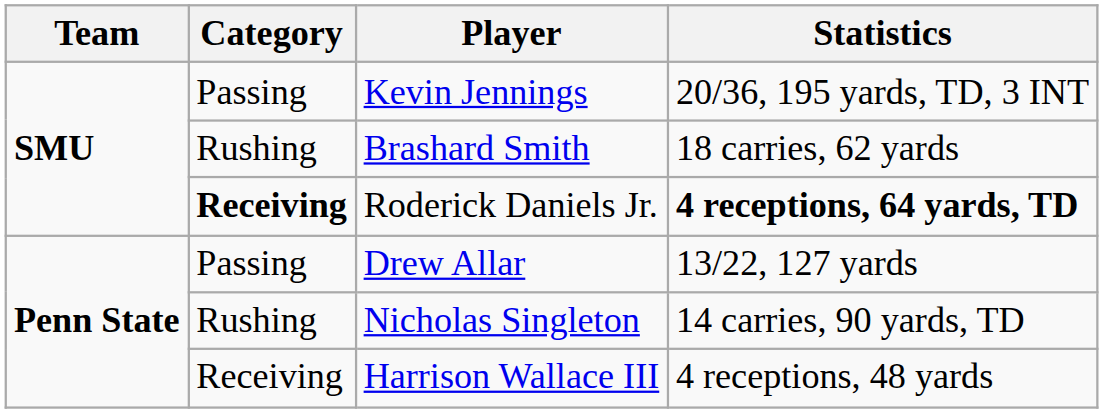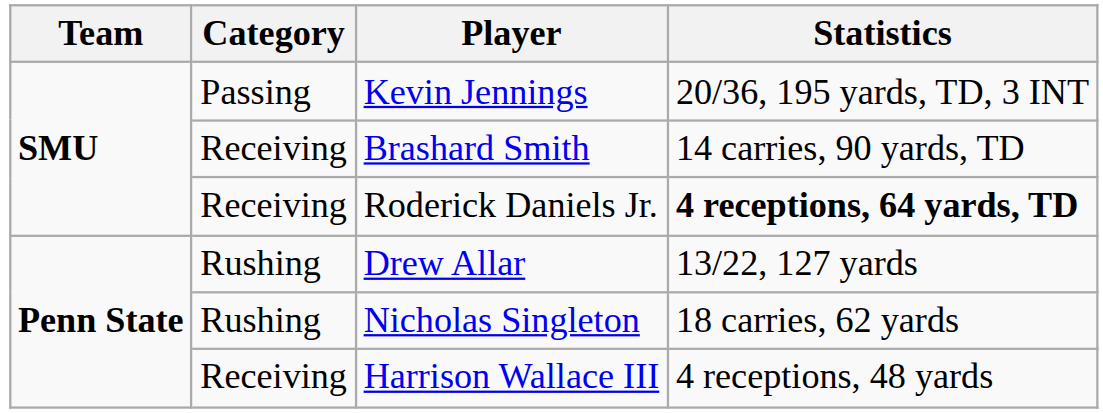 <table class="wikitable" style="float: right;">
 <tr>
 <th>Team</th>
 <th>Category</th>
 <th>Player</th>
 <th>Statistics</th>
 </tr>
 <tr>
 <td rowspan=3><strong>SMU</strong></td>
 <td>Passing</td>
 <td><a href='#'>Kevin Jennings</a></td>
 <td>20/36, 195 yards, TD, 3 INT</td>
 </tr>
 <tr>
-<td>Rushing</td>
+<td>Receiving</td>
 <td><a href='#'>Brashard Smith</a></td>
-<td>18 carries, 62 yards</td>
+<td>14 carries, 90 yards, TD</td>
 </tr>
 <tr>
-<td><strong>Receiving</strong></td>
+<td>Receiving</td>
 <td>Roderick Daniels Jr.</td>
 <td><strong>4 receptions, 64 yards, TD</strong></td>
 </tr>
 <tr>
 <td rowspan=3><strong>Penn State</strong></td>
-<td>Passing</td>
+<td>Rushing</td>
 <td><a href='#'>Drew Allar</a></td>
 <td>13/22, 127 yards</td>
 </tr>
 <tr>
 <td>Rushing</td>
 <td><a href='#'>Nicholas Singleton</a></td>
-<td>14 carries, 90 yards, TD</td>
+<td>18 carries, 62 yards</td>
 </tr>
 <tr>
 <td>Receiving</td>
 <td><a href='#'>Harrison Wallace III</a></td>
 <td>4 receptions, 48 yards</td>
 </tr>
 </table>
